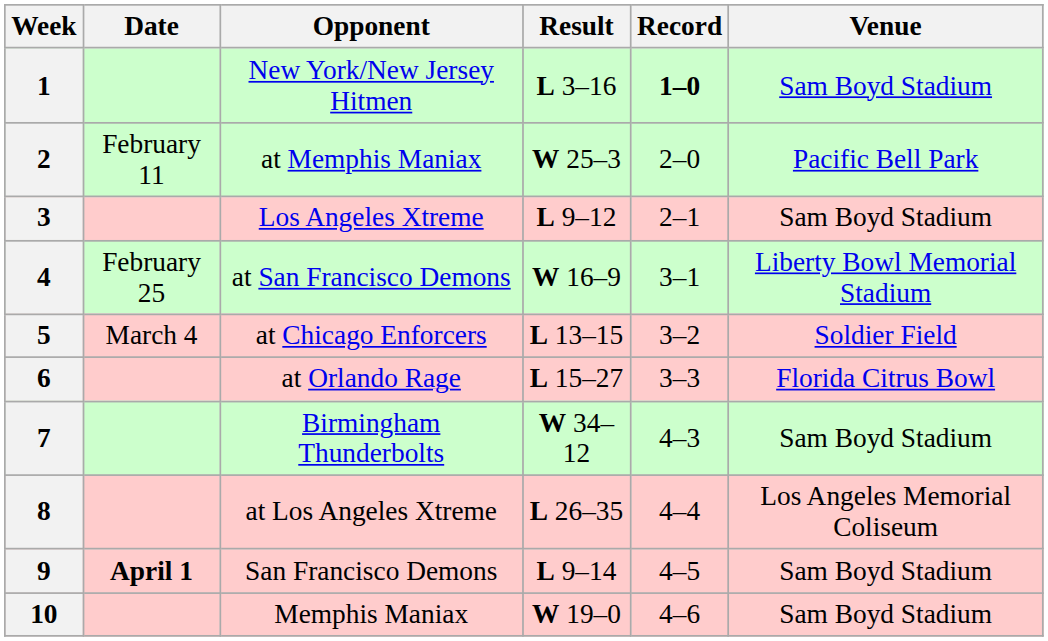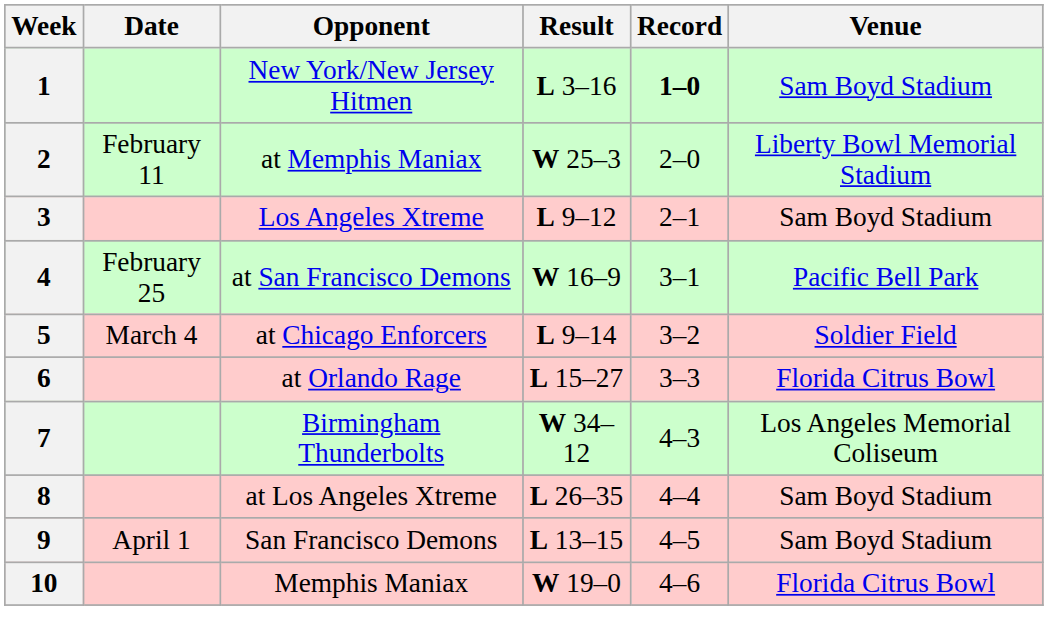 <table class="wikitable" style="text-align:center">
 <tr>
 <th>Week</th>
 <th>Date</th>
 <th>Opponent</th>
 <th>Result</th>
 <th>Record</th>
 <th>Venue</th>
 </tr>
 <tr style="background:#cfc">
 <th>1</th>
 <td></td>
 <td><a href='#'>New York/New Jersey Hitmen</a></td>
 <td><strong>L</strong> 3–16</td>
 <td><strong>1–0</strong></td>
 <td><a href='#'>Sam Boyd Stadium</a></td>
 </tr>
 <tr style="background:#cfc">
 <th>2</th>
 <td>February 11</td>
 <td>at <a href='#'>Memphis Maniax</a></td>
 <td><strong>W</strong> 25–3</td>
 <td>2–0</td>
-<td><a href='#'>Pacific Bell Park</a></td>
+<td><a href='#'>Liberty Bowl Memorial Stadium</a></td>
 </tr>
 <tr style="background:#fcc">
 <th>3</th>
 <td></td>
 <td><a href='#'>Los Angeles Xtreme</a></td>
 <td><strong>L</strong> 9–12</td>
 <td>2–1</td>
 <td>Sam Boyd Stadium</td>
 </tr>
 <tr style="background:#cfc">
 <th>4</th>
 <td>February 25</td>
 <td>at <a href='#'>San Francisco Demons</a></td>
 <td><strong>W</strong> 16–9</td>
 <td>3–1</td>
-<td><a href='#'>Liberty Bowl Memorial Stadium</a></td>
+<td><a href='#'>Pacific Bell Park</a></td>
 </tr>
 <tr style="background:#fcc">
 <th>5</th>
 <td>March 4</td>
 <td>at <a href='#'>Chicago Enforcers</a></td>
-<td><strong>L</strong> 13–15</td>
+<td><strong>L</strong> 9–14</td>
 <td>3–2</td>
 <td><a href='#'>Soldier Field</a></td>
 </tr>
 <tr style="background:#fcc">
 <th>6</th>
 <td></td>
 <td>at <a href='#'>Orlando Rage</a></td>
 <td><strong>L</strong> 15–27</td>
 <td>3–3</td>
 <td><a href='#'>Florida Citrus Bowl</a></td>
 </tr>
 <tr style="background:#cfc">
 <th>7</th>
 <td></td>
 <td><a href='#'>Birmingham Thunderbolts</a></td>
 <td><strong>W</strong> 34–12</td>
 <td>4–3</td>
-<td>Sam Boyd Stadium</td>
+<td>Los Angeles Memorial Coliseum</td>
 </tr>
 <tr style="background:#fcc">
 <th>8</th>
 <td></td>
 <td>at Los Angeles Xtreme</td>
 <td><strong>L</strong> 26–35</td>
 <td>4–4</td>
-<td>Los Angeles Memorial Coliseum</td>
+<td>Sam Boyd Stadium</td>
 </tr>
 <tr style="background:#fcc">
 <th>9</th>
-<td><strong>April 1</strong></td>
+<td>April 1</td>
 <td>San Francisco Demons</td>
-<td><strong>L</strong> 9–14</td>
+<td><strong>L</strong> 13–15</td>
 <td>4–5</td>
 <td>Sam Boyd Stadium</td>
 </tr>
 <tr style="background:#fcc">
 <th>10</th>
 <td></td>
 <td>Memphis Maniax</td>
 <td><strong>W</strong> 19–0</td>
 <td>4–6</td>
-<td>Sam Boyd Stadium</td>
+<td><a href='#'>Florida Citrus Bowl</a></td>
 </tr>
 </table>
